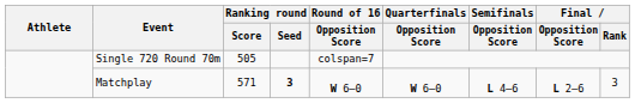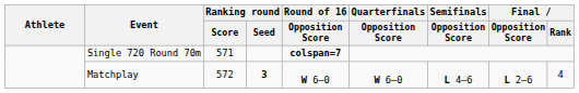 <table class=wikitable style=font-size:90%;text-align:center>
 <tr>
 <th rowspan=2 style="width:8em;">Athlete</th>
 <th rowspan=2>Event</th>
 <th colspan=2>Ranking round</th>
 <th>Round of 16</th>
 <th>Quarterfinals</th>
 <th>Semifinals</th>
 <th colspan=2>Final / </th>
 </tr>
 <tr style="font-size:95%">
 <th>Score</th>
 <th>Seed</th>
 <th>Opposition<br>Score</th>
 <th>Opposition<br>Score</th>
 <th>Opposition<br>Score</th>
 <th>Opposition<br>Score</th>
 <th>Rank</th>
 </tr>
 <tr>
 <td align=left rowspan=2></td>
 <td align=left>Single 720 Round 70m</td>
-<td>505</td>
+<td>571</td>
 <td></td>
-<td>colspan=7 </td>
+<td><strong>colspan=7 </strong></td>
 </tr>
 <tr>
 <td align=left>Matchplay</td>
-<td>571</td>
+<td>572</td>
 <td><strong>3</strong></td>
 <td><br> <strong>W</strong> 6–0</td>
 <td><br> <strong>W</strong> 6–0</td>
 <td><br> <strong>L</strong> 4–6</td>
 <td><br> <strong>L</strong> 2–6</td>
-<td>3</td>
+<td>4</td>
 </tr>
 </table>
